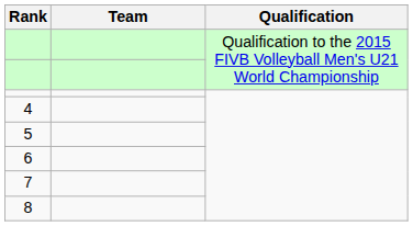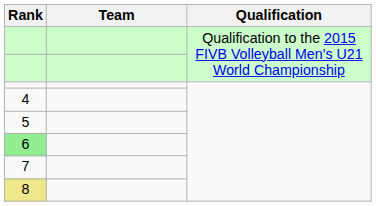 <table class="wikitable" style="text-align: center;">
 <tr>
 <th width=40>Rank</th>
 <th width=150>Team</th>
 <th width=200>Qualification</th>
 </tr>
 <tr align=center bgcolor=ccffcc>
 <td></td>
 <td style="text-align:left;"></td>
 <td rowspan=2>Qualification to the <a href='#'>2015 FIVB Volleyball Men's U21 World Championship</a></td>
 </tr>
 <tr align=center  bgcolor=ccffcc>
 <td></td>
 <td style="text-align:left;"></td>
 </tr>
 <tr align=center>
 <td></td>
 <td style="text-align:left;"></td>
 </tr>
 <tr align=center>
 <td>4</td>
 <td style="text-align:left;"></td>
 </tr>
 <tr align=center>
 <td>5</td>
 <td style="text-align:left;"></td>
 </tr>
 <tr align=center>
-<td>6</td>
+<td style="background: lightgreen;">6</td>
 <td style="text-align:left;"></td>
 </tr>
 <tr align=center>
 <td>7</td>
 <td style="text-align:left;"></td>
 </tr>
 <tr align=center>
-<td>8</td>
+<td style="background: khaki;">8</td>
 <td style="text-align:left;"></td>
 </tr>
 </table>
